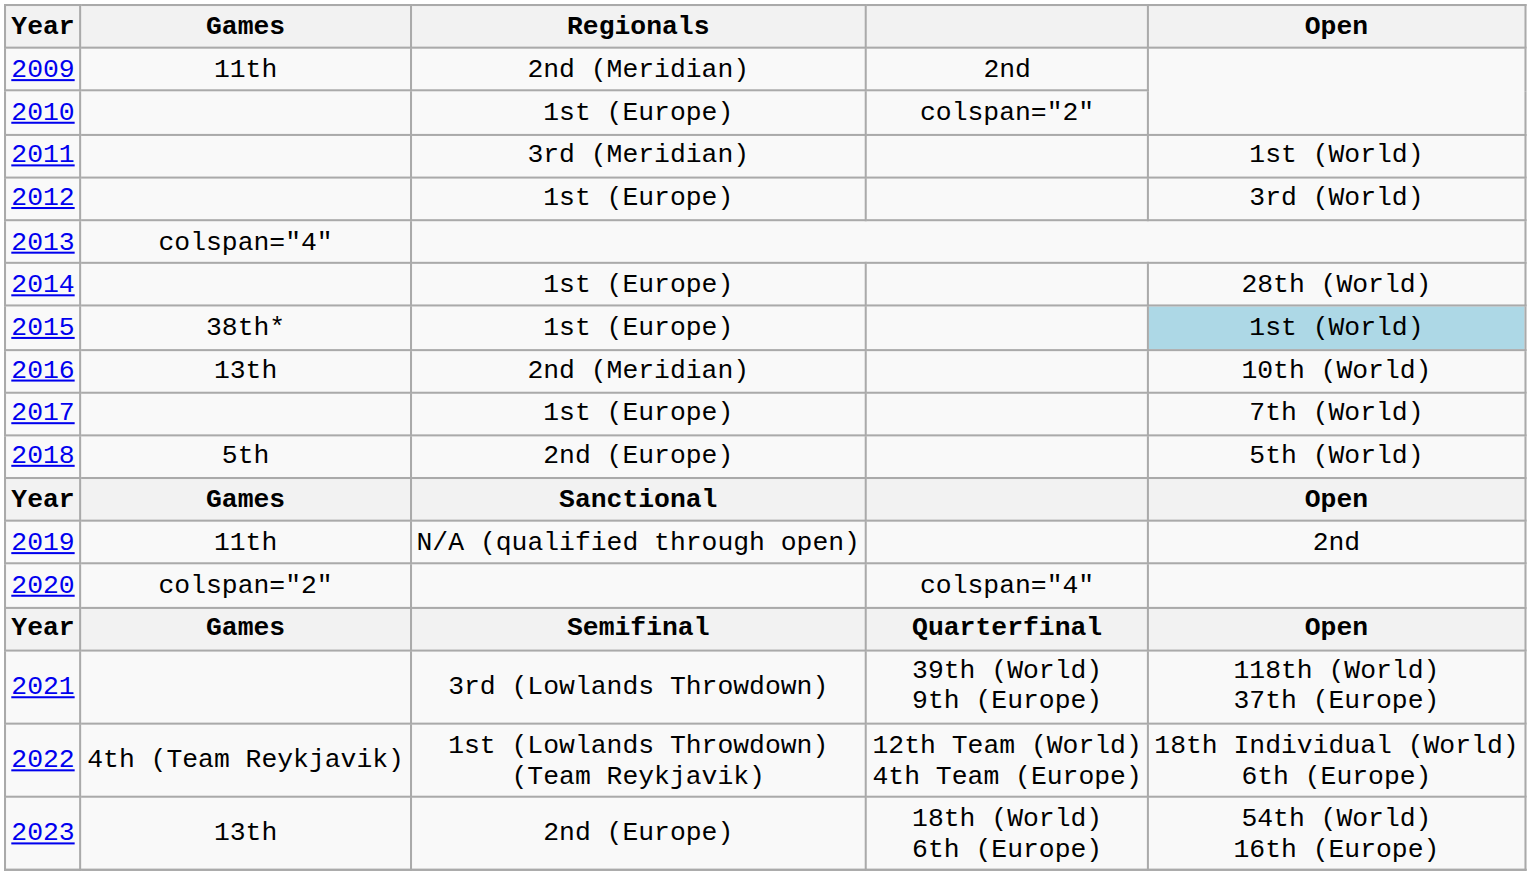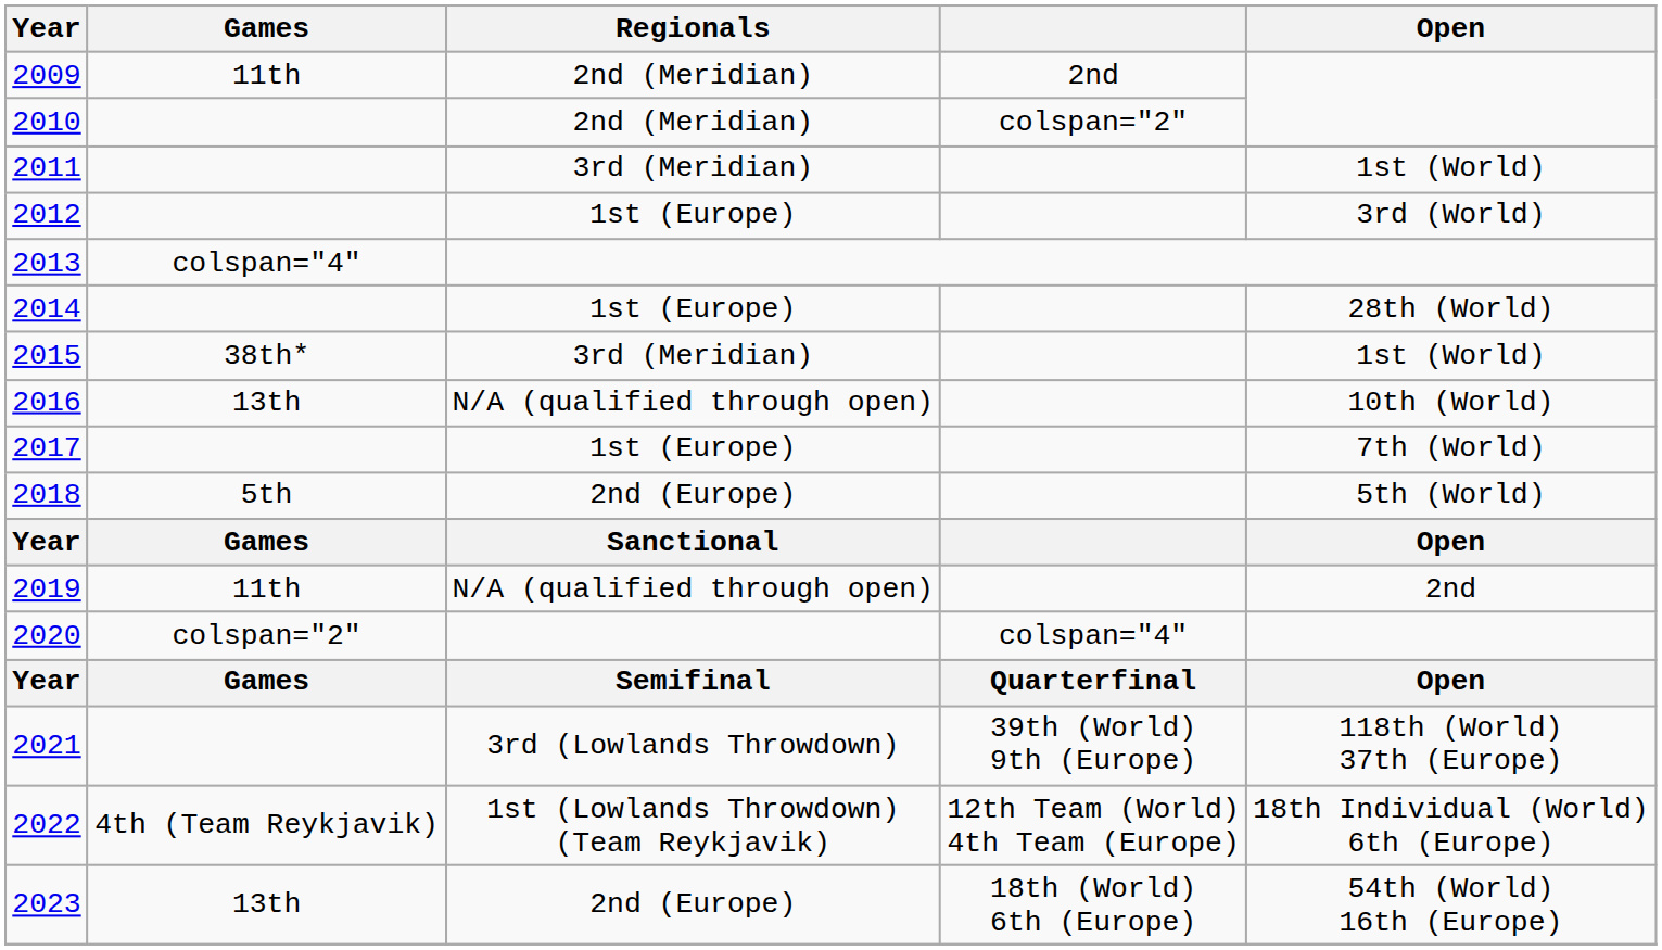 <table class="wikitable" style="text-align:center">
 <tr>
 <th>Year</th>
 <th>Games</th>
 <th>Regionals</th>
 <th></th>
 <th>Open</th>
 </tr>
 <tr>
 <td><a href='#'>2009</a></td>
 <td>11th</td>
 <td>2nd (Meridian)</td>
 <td>2nd</td>
 </tr>
 <tr>
 <td><a href='#'>2010</a></td>
 <td></td>
-<td>1st (Europe)</td>
+<td>2nd (Meridian)</td>
 <td>colspan="2" </td>
 </tr>
 <tr>
 <td><a href='#'>2011</a></td>
 <td></td>
 <td>3rd (Meridian)</td>
 <td></td>
 <td>1st (World)</td>
 </tr>
 <tr>
 <td><a href='#'>2012</a></td>
 <td></td>
 <td>1st (Europe)</td>
 <td></td>
 <td>3rd (World)</td>
 </tr>
 <tr>
 <td><a href='#'>2013</a></td>
 <td>colspan="4" </td>
 </tr>
 <tr>
 <td><a href='#'>2014</a></td>
 <td></td>
 <td>1st (Europe)</td>
 <td></td>
 <td>28th (World)</td>
 </tr>
 <tr>
 <td><a href='#'>2015</a></td>
 <td>38th*</td>
-<td>1st (Europe)</td>
+<td>3rd (Meridian)</td>
 <td></td>
-<td style="background: lightblue;">1st (World)</td>
+<td>1st (World)</td>
 </tr>
 <tr>
 <td><a href='#'>2016</a></td>
 <td>13th</td>
-<td>2nd (Meridian)</td>
+<td>N/A (qualified through open)</td>
 <td></td>
 <td>10th (World)</td>
 </tr>
 <tr>
 <td><a href='#'>2017</a></td>
 <td></td>
 <td>1st (Europe)</td>
 <td></td>
 <td>7th (World)</td>
 </tr>
 <tr>
 <td><a href='#'>2018</a></td>
 <td>5th</td>
 <td>2nd (Europe)</td>
 <td></td>
 <td>5th (World)</td>
 </tr>
 <tr>
 <th>Year</th>
 <th>Games</th>
 <th>Sanctional</th>
 <th></th>
 <th>Open</th>
 </tr>
 <tr>
 <td><a href='#'>2019</a></td>
 <td>11th</td>
 <td>N/A (qualified through open)</td>
 <td></td>
 <td>2nd</td>
 </tr>
 <tr>
 <td><a href='#'>2020</a></td>
 <td>colspan="2" </td>
 <td></td>
 <td>colspan="4"</td>
 </tr>
 <tr>
 <th>Year</th>
 <th>Games</th>
 <th>Semifinal</th>
 <th>Quarterfinal</th>
 <th>Open</th>
 </tr>
 <tr>
 <td><a href='#'>2021</a></td>
 <td></td>
 <td>3rd (Lowlands Throwdown)</td>
 <td>39th (World)<br>9th (Europe)</td>
 <td>118th (World)<br>37th (Europe)</td>
 </tr>
 <tr>
 <td><a href='#'>2022</a></td>
 <td>4th (Team Reykjavik)</td>
 <td>1st (Lowlands Throwdown)<br> (Team Reykjavik)</td>
 <td>12th Team (World)<br> 4th Team (Europe)</td>
 <td>18th Individual (World)<br>6th (Europe)</td>
 </tr>
 <tr>
 <td><a href='#'>2023</a></td>
 <td>13th</td>
 <td>2nd (Europe)</td>
 <td>18th (World)<br>6th (Europe)</td>
 <td>54th (World)<br>16th (Europe)</td>
 </tr>
 <tr>
 </tr>
 </table>
